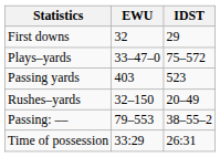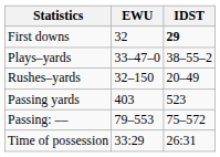 <table class="wikitable" style="float:left">
 <tr>
 <th>Statistics</th>
 <th>EWU</th>
 <th>IDST</th>
 </tr>
 <tr>
 <td>First downs</td>
 <td>32</td>
-<td>29</td>
+<td><strong>29</strong></td>
 </tr>
 <tr>
 <td>Plays–yards</td>
 <td>33–47–0</td>
-<td>75–572</td>
+<td>38–55–2</td>
+</tr>
+<tr>
+<td>Rushes–yards</td>
+<td>32–150</td>
+<td>20–49</td>
 </tr>
 <tr>
 <td>Passing yards</td>
 <td>403</td>
 <td>523</td>
 </tr>
 <tr>
-<td>Rushes–yards</td>
-<td>32–150</td>
-<td>20–49</td>
-</tr>
-<tr>
 <td>Passing: ––</td>
 <td>79–553</td>
-<td>38–55–2</td>
+<td>75–572</td>
 </tr>
 <tr>
 <td>Time of possession</td>
 <td>33:29</td>
 <td>26:31</td>
 </tr>
 </table>
